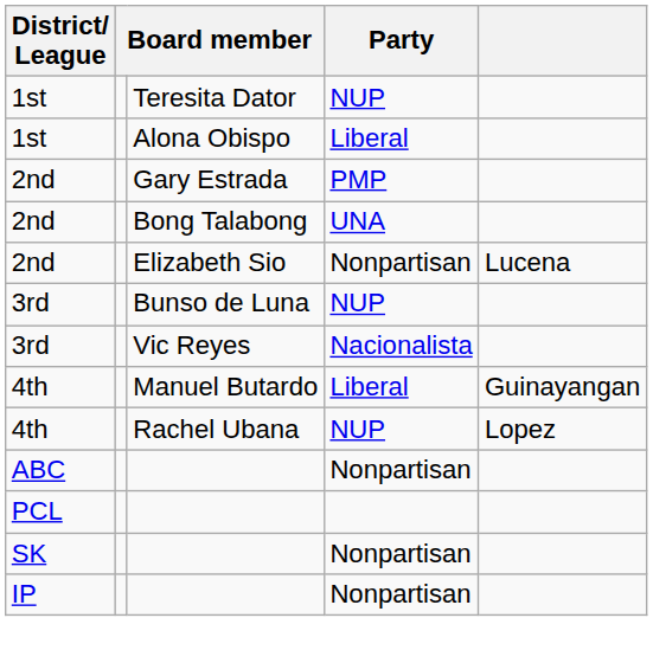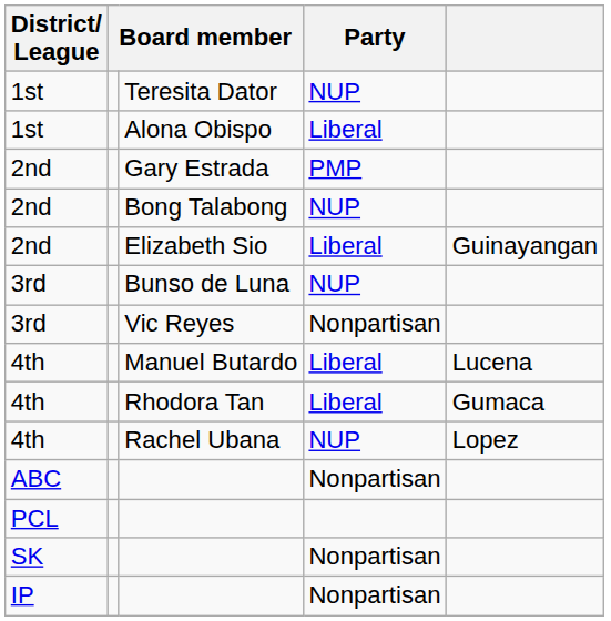 <table class="wikitable">
 <tr>
 <th>District/<br>League</th>
 <th colspan="2">Board member</th>
 <th>Party</th>
 <th></th>
 </tr>
 <tr>
 <td>1st</td>
 <td></td>
 <td>Teresita Dator</td>
 <td><a href='#'>NUP</a></td>
 <td></td>
 </tr>
 <tr>
 <td>1st</td>
 <td></td>
 <td>Alona Obispo</td>
 <td><a href='#'>Liberal</a></td>
 <td></td>
 </tr>
 <tr>
 <td>2nd</td>
 <td></td>
 <td>Gary Estrada</td>
 <td><a href='#'>PMP</a></td>
 <td></td>
 </tr>
 <tr>
 <td>2nd</td>
 <td></td>
 <td>Bong Talabong</td>
-<td><a href='#'>UNA</a></td>
+<td><a href='#'>NUP</a></td>
 <td></td>
 </tr>
 <tr>
 <td>2nd</td>
 <td></td>
 <td>Elizabeth Sio</td>
-<td>Nonpartisan</td>
-<td>Lucena</td>
+<td><a href='#'>Liberal</a></td>
+<td>Guinayangan</td>
 </tr>
 <tr>
 <td>3rd</td>
 <td></td>
 <td>Bunso de Luna</td>
 <td><a href='#'>NUP</a></td>
 <td></td>
 </tr>
 <tr>
 <td>3rd</td>
 <td></td>
 <td>Vic Reyes</td>
-<td><a href='#'>Nacionalista</a></td>
+<td>Nonpartisan</td>
 <td></td>
 </tr>
 <tr>
 <td>4th</td>
 <td></td>
 <td>Manuel Butardo</td>
 <td><a href='#'>Liberal</a></td>
-<td>Guinayangan</td>
+<td>Lucena</td>
+</tr>
+<tr>
+<td>4th</td>
+<td></td>
+<td>Rhodora Tan</td>
+<td><a href='#'>Liberal</a></td>
+<td>Gumaca</td>
 </tr>
 <tr>
 <td>4th</td>
 <td></td>
 <td>Rachel Ubana</td>
 <td><a href='#'>NUP</a></td>
 <td>Lopez</td>
 </tr>
 <tr>
 <td><a href='#'>ABC</a></td>
 <td></td>
 <td></td>
 <td>Nonpartisan</td>
 <td></td>
 </tr>
 <tr>
 <td><a href='#'>PCL</a></td>
 <td></td>
 <td></td>
 <td></td>
 <td></td>
 </tr>
 <tr>
 <td><a href='#'>SK</a></td>
 <td></td>
 <td></td>
 <td>Nonpartisan</td>
 <td></td>
 </tr>
 <tr>
 <td><a href='#'>IP</a></td>
 <td></td>
 <td></td>
 <td>Nonpartisan</td>
 <td></td>
 </tr>
 </table>
